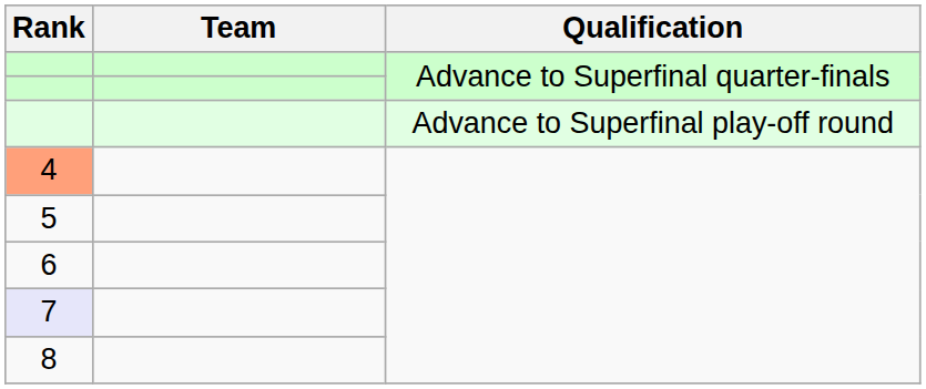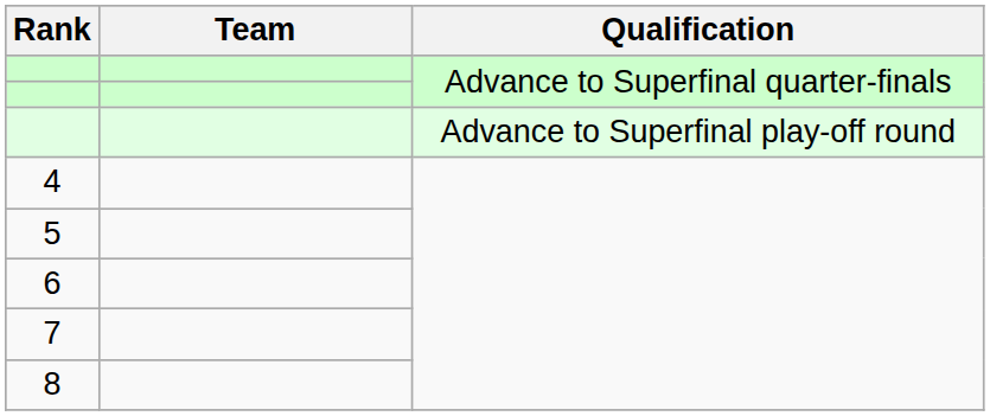 <table class="wikitable" style="text-align: center; font-size: 100%;">
 <tr>
 <th>Rank</th>
 <th width=150>Team</th>
 <th width=280>Qualification</th>
 </tr>
 <tr bgcolor="#ccffcc">
 <td></td>
 <td align=left><strong></strong></td>
 <td rowspan=2>Advance to Superfinal quarter-finals</td>
 </tr>
 <tr bgcolor="#ccffcc">
 <td></td>
 <td align=left><strong></strong></td>
 </tr>
 <tr bgcolor="#e1ffe3">
 <td></td>
 <td align=left><strong></strong></td>
 <td>Advance to Superfinal play-off round</td>
 </tr>
 <tr>
-<td style="background: lightsalmon;">4</td>
+<td>4</td>
 <td align=left></td>
 <td rowspan=5></td>
 </tr>
 <tr>
 <td>5</td>
 <td align=left></td>
 </tr>
 <tr>
 <td>6</td>
 <td align=left></td>
 </tr>
 <tr>
-<td style="background: lavender;">7</td>
+<td>7</td>
 <td align=left></td>
 </tr>
 <tr>
 <td>8</td>
 <td align=left></td>
 </tr>
 </table>
